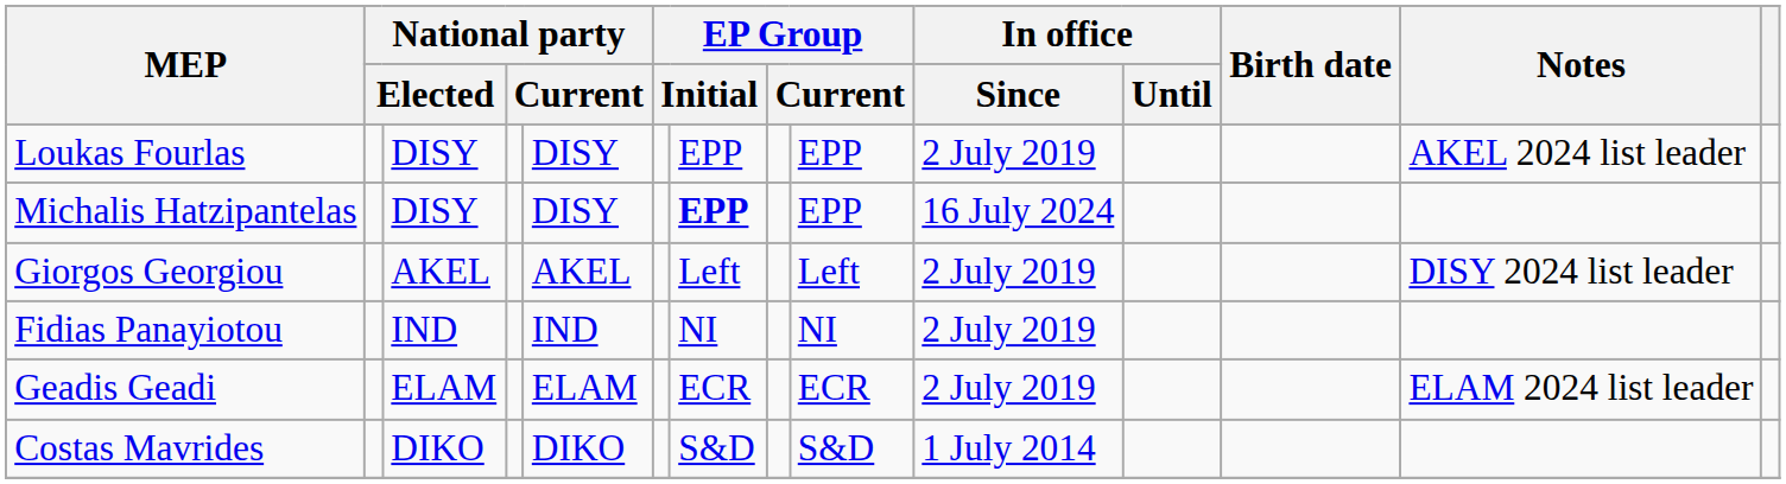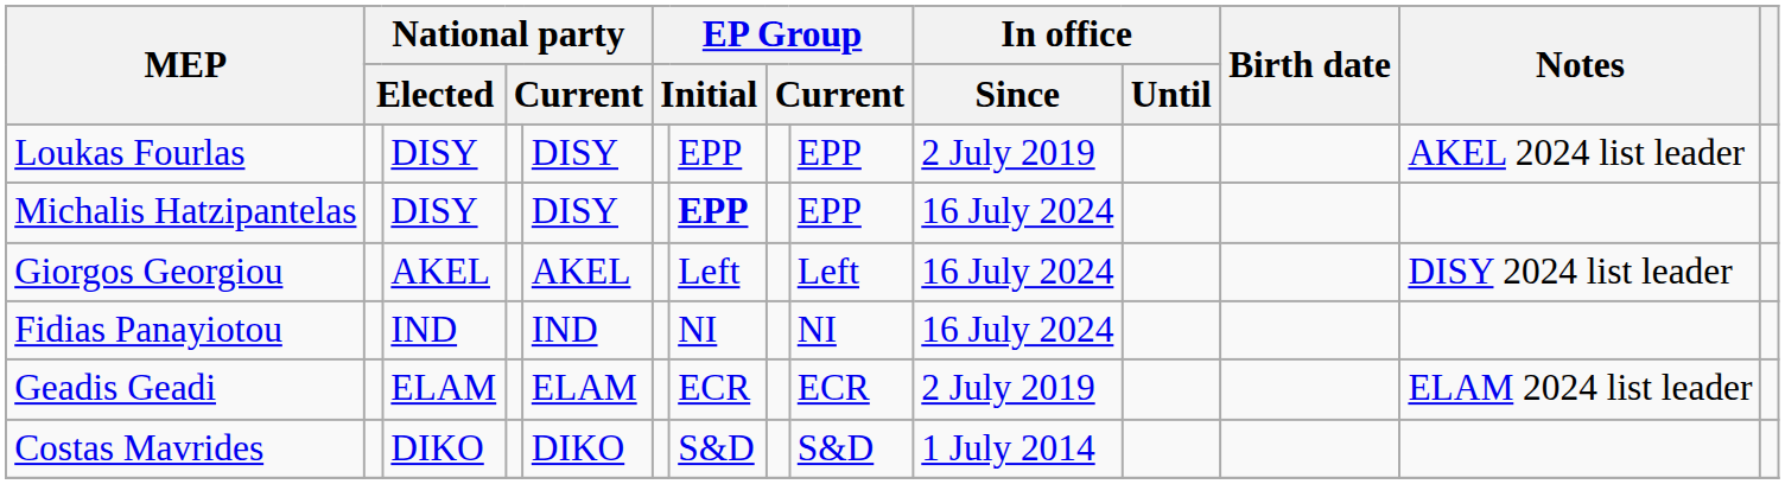 <table class="wikitable sortable" style="text-align:left">
 <tr>
 <th rowspan="2">MEP</th>
 <th colspan="4">National party</th>
 <th colspan="4"><a href='#'>EP Group</a></th>
 <th colspan="2">In office</th>
 <th rowspan="2">Birth date</th>
 <th rowspan="2">Notes</th>
 <th rowspan="2" class="unsortable"></th>
 </tr>
 <tr>
 <th colspan="2">Elected</th>
 <th colspan="2">Current</th>
 <th colspan="2">Initial</th>
 <th colspan="2">Current</th>
 <th>Since</th>
 <th>Until</th>
 </tr>
 <tr>
 <td><a href='#'>Loukas Fourlas</a></td>
 <td style="background: "></td>
 <td><a href='#'>DISY</a></td>
 <td style="background: "></td>
 <td><a href='#'>DISY</a></td>
 <td style="background: "></td>
 <td><a href='#'>EPP</a></td>
 <td style="background: "></td>
 <td><a href='#'>EPP</a></td>
 <td><a href='#'>2 July 2019</a></td>
 <td></td>
 <td></td>
 <td><a href='#'>AKEL</a> 2024 list leader</td>
 <td></td>
 </tr>
 <tr>
 <td><a href='#'>Michalis Hatzipantelas</a></td>
 <td style="background: "></td>
 <td><a href='#'>DISY</a></td>
 <td style="background: "></td>
 <td><a href='#'>DISY</a></td>
 <td style="background: "></td>
 <td><strong><a href='#'>EPP</a></strong></td>
 <td style="background: "></td>
 <td><a href='#'>EPP</a></td>
 <td><a href='#'>16 July 2024</a></td>
 <td></td>
 <td></td>
 <td></td>
 <td></td>
 </tr>
 <tr>
 <td><a href='#'>Giorgos Georgiou</a></td>
 <td style="background: "></td>
 <td><a href='#'>AKEL</a></td>
 <td style="background: "></td>
 <td><a href='#'>AKEL</a></td>
 <td style="background: "></td>
 <td><a href='#'>Left</a></td>
 <td style="background: "></td>
 <td><a href='#'>Left</a></td>
-<td><a href='#'>2 July 2019</a></td>
+<td><a href='#'>16 July 2024</a></td>
 <td></td>
 <td></td>
 <td><a href='#'>DISY</a> 2024 list leader</td>
 <td></td>
 </tr>
 <tr>
 <td><a href='#'>Fidias Panayiotou</a></td>
 <td style="background: "></td>
 <td><a href='#'>IND</a></td>
 <td style="background: "></td>
 <td><a href='#'>IND</a></td>
 <td style="background: "></td>
 <td><a href='#'>NI</a></td>
 <td style="background: "></td>
 <td><a href='#'>NI</a></td>
-<td><a href='#'>2 July 2019</a></td>
+<td><a href='#'>16 July 2024</a></td>
 <td></td>
 <td></td>
 <td></td>
 <td></td>
 </tr>
 <tr>
 <td><a href='#'>Geadis Geadi</a></td>
 <td style="background: "></td>
 <td><a href='#'>ELAM</a></td>
 <td style="background: "></td>
 <td><a href='#'>ELAM</a></td>
 <td style="background: "></td>
 <td><a href='#'>ECR</a></td>
 <td style="background: "></td>
 <td><a href='#'>ECR</a></td>
 <td><a href='#'>2 July 2019</a></td>
 <td></td>
 <td></td>
 <td><a href='#'>ELAM</a> 2024 list leader</td>
 <td></td>
 </tr>
 <tr>
 <td><a href='#'>Costas Mavrides</a></td>
 <td style="background: "></td>
 <td><a href='#'>DIKO</a></td>
 <td style="background: "></td>
 <td><a href='#'>DIKO</a></td>
 <td style="background: "></td>
 <td><a href='#'>S&D</a></td>
 <td style="background: "></td>
 <td><a href='#'>S&D</a></td>
 <td><a href='#'>1 July 2014</a></td>
 <td></td>
 <td></td>
 <td></td>
 <td></td>
 </tr>
 <tr>
 </tr>
 <tr>
 </tr>
 </table>
